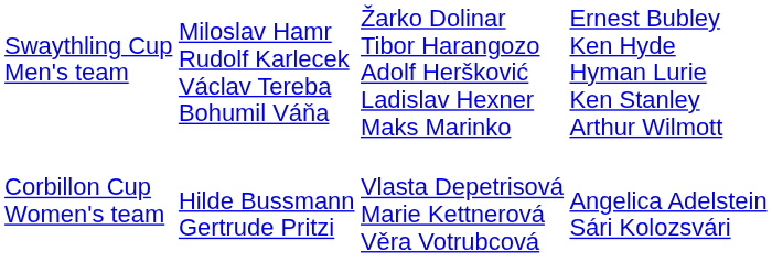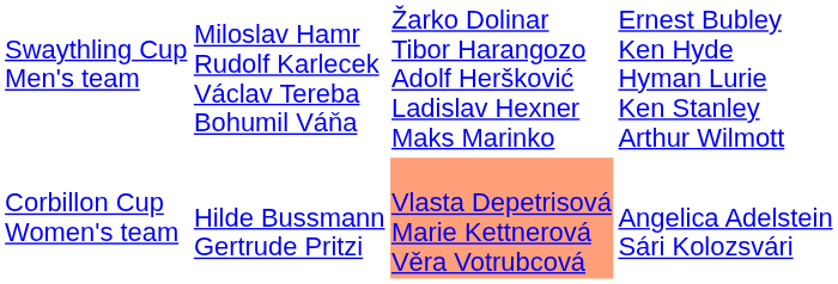 <table>
 <tr>
 <td><a href='#'>Swaythling Cup<br>Men's team</a></td>
 <td><br><a href='#'>Miloslav Hamr</a><br><a href='#'>Rudolf Karlecek</a><br><a href='#'>Václav Tereba</a><br><a href='#'>Bohumil Váňa</a></td>
 <td><br><a href='#'>Žarko Dolinar</a><br><a href='#'>Tibor Harangozo</a><br><a href='#'>Adolf Heršković</a><br><a href='#'>Ladislav Hexner</a><br><a href='#'>Maks Marinko</a></td>
 <td><br><a href='#'>Ernest Bubley</a><br><a href='#'>Ken Hyde</a><br><a href='#'>Hyman Lurie</a><br><a href='#'>Ken Stanley</a><br><a href='#'>Arthur Wilmott</a></td>
 </tr>
 <tr>
 <td><a href='#'>Corbillon Cup<br>Women's team</a></td>
 <td><br><a href='#'>Hilde Bussmann</a><br><a href='#'>Gertrude Pritzi</a></td>
-<td><br><a href='#'>Vlasta Depetrisová</a><br><a href='#'>Marie Kettnerová</a><br><a href='#'>Věra Votrubcová</a></td>
+<td style="background: lightsalmon;"><br><a href='#'>Vlasta Depetrisová</a><br><a href='#'>Marie Kettnerová</a><br><a href='#'>Věra Votrubcová</a></td>
 <td><br><a href='#'>Angelica Adelstein</a><br><a href='#'>Sári Kolozsvári</a></td>
 </tr>
 </table>
